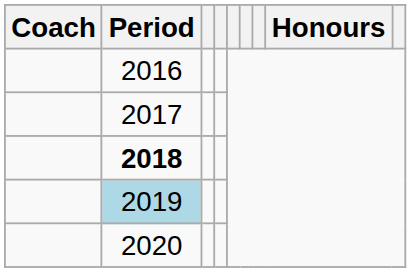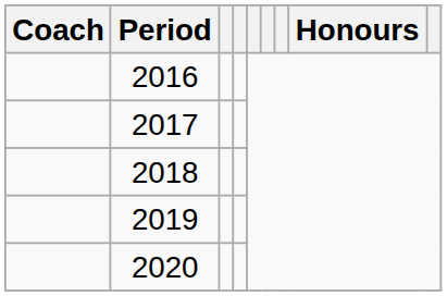 <table class="wikitable plainrowheaders" style="font-size:95%;">
 <tr>
 <th scope=col>Coach</th>
 <th scope=col data-sort-type=date>Period</th>
 <th scope=col></th>
 <th scope=col></th>
 <th scope=col></th>
 <th scope=col></th>
 <th scope=col></th>
 <th scope=col>Honours</th>
 <th scope=col></th>
 </tr>
 <tr>
 <td align=left> </td>
 <td align=center>2016<br></td>
 <td></td>
 <td></td>
 </tr>
 <tr>
 <td align=left> </td>
 <td align=center>2017<br></td>
 <td></td>
 <td></td>
 </tr>
 <tr>
 <td align=left> </td>
-<td align=center><strong>2018<br></strong></td>
+<td align=center>2018<br></td>
 <td></td>
 <td></td>
 </tr>
 <tr>
 <td align=left> </td>
-<td align=center style="background: lightblue;">2019<br></td>
+<td align=center>2019<br></td>
 <td></td>
 <td></td>
 </tr>
 <tr>
 <td align=left> </td>
 <td align=center>2020<br></td>
 <td></td>
 <td></td>
 </tr>
 </table>
